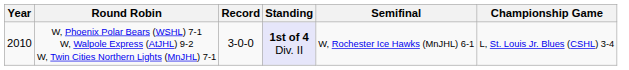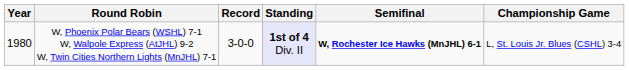 <table class="wikitable">
 <tr>
 <th>Year</th>
 <th>Round Robin</th>
 <th>Record</th>
 <th>Standing</th>
 <th>Semifinal</th>
 <th>Championship Game</th>
 </tr>
 <tr align=center>
-<td>2010</td>
+<td>1980</td>
 <td><small>W, <a href='#'>Phoenix Polar Bears</a> (<a href='#'>WSHL</a>) 7-1<br>W, <a href='#'>Walpole Express</a> (<a href='#'>AtJHL</a>) 9-2<br>W, <a href='#'>Twin Cities Northern Lights</a> (<a href='#'>MnJHL</a>) 7-1</small></td>
 <td>3-0-0</td>
 <td style="background: lavender;"><strong>1st of 4</strong><br> Div. II</td>
-<td><small>W, <a href='#'>Rochester Ice Hawks</a> (MnJHL) 6-1</small></td>
+<td><strong><small>W, <a href='#'>Rochester Ice Hawks</a> (MnJHL) 6-1</small></strong></td>
 <td><small>L, <a href='#'>St. Louis Jr. Blues</a> (<a href='#'>CSHL</a>) 3-4</small></td>
 </tr>
 </table>
